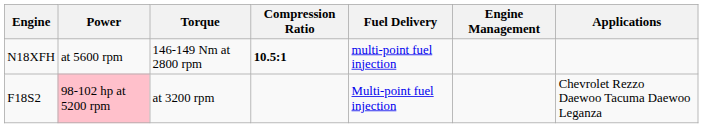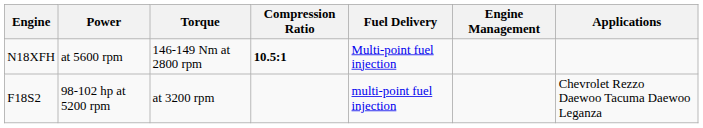 <table class="wikitable">
 <tr>
 <th>Engine</th>
 <th>Power</th>
 <th>Torque</th>
 <th>Compression Ratio</th>
 <th>Fuel Delivery</th>
 <th>Engine Management</th>
 <th>Applications</th>
 </tr>
 <tr>
 <td>N18XFH</td>
 <td> at 5600 rpm</td>
 <td>146-149 Nm at 2800 rpm</td>
 <td><strong>10.5:1</strong></td>
-<td><a href='#'>multi-point fuel injection</a></td>
+<td><a href='#'>Multi-point fuel injection</a></td>
 <td></td>
 <td></td>
 </tr>
 <tr>
 <td>F18S2</td>
-<td style="background: pink;">98-102 hp at 5200 rpm</td>
+<td>98-102 hp at 5200 rpm</td>
 <td> at 3200 rpm</td>
 <td></td>
-<td><a href='#'>Multi-point fuel injection</a></td>
+<td><a href='#'>multi-point fuel injection</a></td>
 <td></td>
 <td>Chevrolet Rezzo<br>Daewoo Tacuma Daewoo Leganza</td>
 </tr>
 </table>
